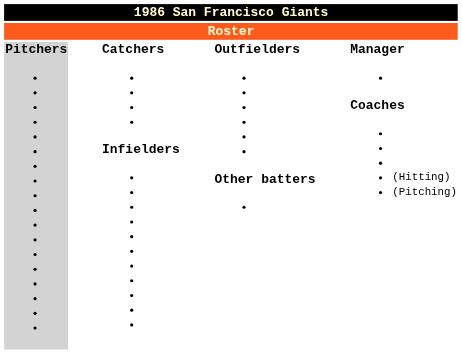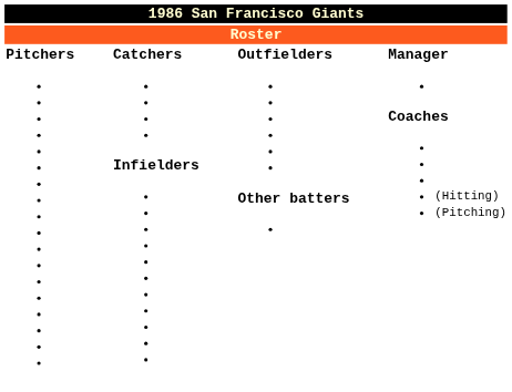 <table class="toccolours" style="font-size: 95%;">
 <tr>
 <th colspan="10" style="background-color: black; color: #FFFDD0; text-align: center;">1986 San Francisco Giants</th>
 </tr>
 <tr>
 <td colspan="10" style="background-color: #fd5a1e; color: #FFFDD0; text-align: center;"><strong>Roster</strong></td>
 </tr>
 <tr>
-<td valign="top" style="background: lightgrey;"><strong>Pitchers</strong><br><ul><li></li><li></li><li></li><li></li><li></li><li></li><li></li><li></li><li></li><li></li><li></li><li></li><li></li><li></li><li></li><li></li><li></li><li></li></ul></td>
+<td valign="top"><strong>Pitchers</strong><br><ul><li></li><li></li><li></li><li></li><li></li><li></li><li></li><li></li><li></li><li></li><li></li><li></li><li></li><li></li><li></li><li></li><li></li><li></li></ul></td>
 <td width="25px"></td>
 <td valign="top"><strong>Catchers</strong><br><ul><li></li><li></li><li></li><li></li></ul><strong>Infielders</strong><ul><li></li><li></li><li></li><li></li><li></li><li></li><li></li><li></li><li></li><li></li><li></li></ul></td>
 <td width="25px"></td>
 <td valign="top"><strong>Outfielders</strong><br><ul><li></li><li></li><li></li><li></li><li></li><li></li></ul><strong>Other batters</strong><ul><li></li></ul></td>
 <td width="25px"></td>
 <td valign="top"><strong>Manager</strong><br><ul><li></li></ul><strong>Coaches</strong><ul><li></li><li></li><li></li><li> <small>(Hitting)</small></li><li> <small>(Pitching)</small></li></ul></td>
 </tr>
 <tr>
 </tr>
 </table>
